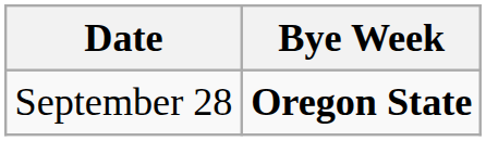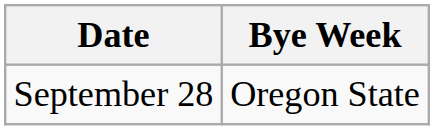 <table class="wikitable" style="font-size:95%;">
 <tr>
 <th>Date</th>
 <th colspan="1">Bye Week</th>
 </tr>
 <tr>
 <td>September 28</td>
-<td><strong>Oregon State</strong></td>
+<td>Oregon State</td>
 </tr>
 </table>
